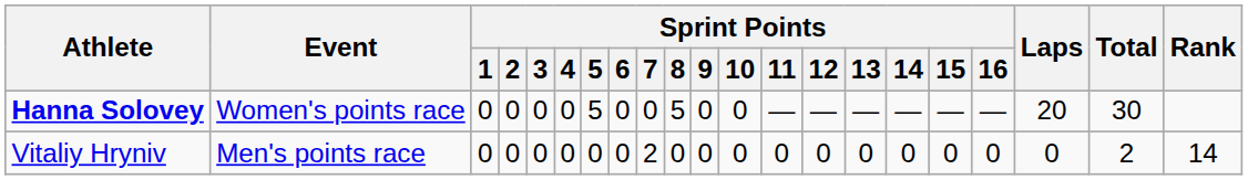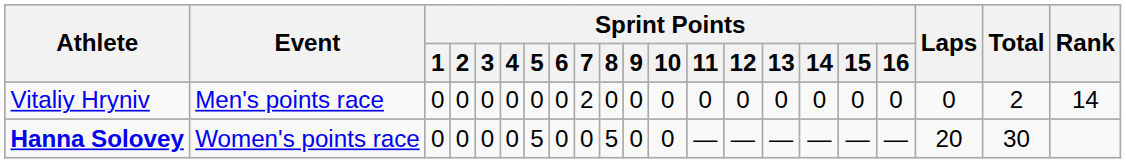 <table class="wikitable" style="font-size:90%">
 <tr>
 <th rowspan=2>Athlete</th>
 <th rowspan=2>Event</th>
 <th colspan=16>Sprint Points</th>
 <th rowspan=2>Laps</th>
 <th rowspan=2>Total</th>
 <th rowspan=2>Rank</th>
 </tr>
 <tr align=center>
 <th>1</th>
 <th>2</th>
 <th>3</th>
 <th>4</th>
 <th>5</th>
 <th>6</th>
 <th>7</th>
 <th>8</th>
 <th>9</th>
 <th>10</th>
 <th>11</th>
 <th>12</th>
 <th>13</th>
 <th>14</th>
 <th>15</th>
 <th>16</th>
 </tr>
 <tr align=center>
+<td align=left><a href='#'>Vitaliy Hryniv</a></td>
+<td align=left><a href='#'>Men's points race</a></td>
+<td>0</td>
+<td>0</td>
+<td>0</td>
+<td>0</td>
+<td>0</td>
+<td>0</td>
+<td>2</td>
+<td>0</td>
+<td>0</td>
+<td>0</td>
+<td>0</td>
+<td>0</td>
+<td>0</td>
+<td>0</td>
+<td>0</td>
+<td>0</td>
+<td>0</td>
+<td>2</td>
+<td>14</td>
+</tr>
+<tr align=center>
 <td align=left><strong><a href='#'>Hanna Solovey</a></strong></td>
 <td align=left><a href='#'>Women's points race</a></td>
 <td>0</td>
 <td>0</td>
 <td>0</td>
 <td>0</td>
 <td>5</td>
 <td>0</td>
 <td>0</td>
 <td>5</td>
 <td>0</td>
 <td>0</td>
 <td>—</td>
 <td>—</td>
 <td>—</td>
 <td>—</td>
 <td>—</td>
 <td>—</td>
 <td>20</td>
 <td>30</td>
 <td></td>
 </tr>
-<tr align=center>
-<td align=left><a href='#'>Vitaliy Hryniv</a></td>
-<td align=left><a href='#'>Men's points race</a></td>
-<td>0</td>
-<td>0</td>
-<td>0</td>
-<td>0</td>
-<td>0</td>
-<td>0</td>
-<td>2</td>
-<td>0</td>
-<td>0</td>
-<td>0</td>
-<td>0</td>
-<td>0</td>
-<td>0</td>
-<td>0</td>
-<td>0</td>
-<td>0</td>
-<td>0</td>
-<td>2</td>
-<td>14</td>
-</tr>
 </table>
